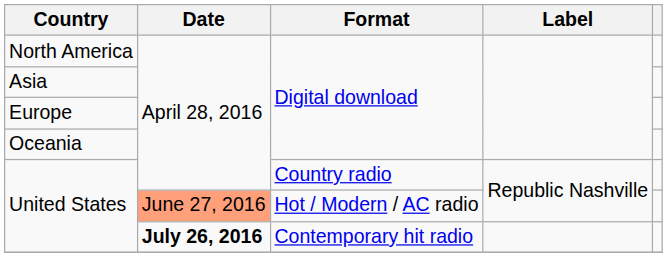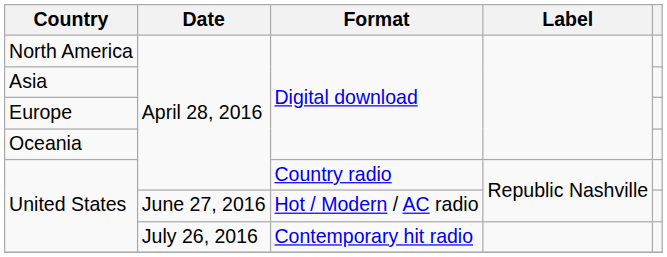 <table class="wikitable">
 <tr>
 <th>Country</th>
 <th>Date</th>
 <th>Format</th>
 <th>Label</th>
 <th></th>
 </tr>
 <tr>
 <td>North America</td>
 <td rowspan="5">April 28, 2016</td>
 <td rowspan="4"><a href='#'>Digital download</a></td>
 <td rowspan="4"></td>
 <td></td>
 </tr>
 <tr>
 <td>Asia</td>
 <td></td>
 </tr>
 <tr>
 <td>Europe</td>
 <td></td>
 </tr>
 <tr>
 <td>Oceania</td>
 <td></td>
 </tr>
 <tr>
 <td rowspan="3">United States</td>
 <td><a href='#'>Country radio</a></td>
 <td rowspan="2">Republic Nashville</td>
 <td></td>
 </tr>
 <tr>
-<td style="background: lightsalmon;">June 27, 2016</td>
+<td>June 27, 2016</td>
 <td><a href='#'>Hot / Modern</a> / <a href='#'>AC</a> radio</td>
 <td></td>
 </tr>
 <tr>
-<td><strong>July 26, 2016</strong></td>
+<td>July 26, 2016</td>
 <td><a href='#'>Contemporary hit radio</a></td>
 <td></td>
 <td></td>
 </tr>
 <tr>
 </tr>
 </table>
